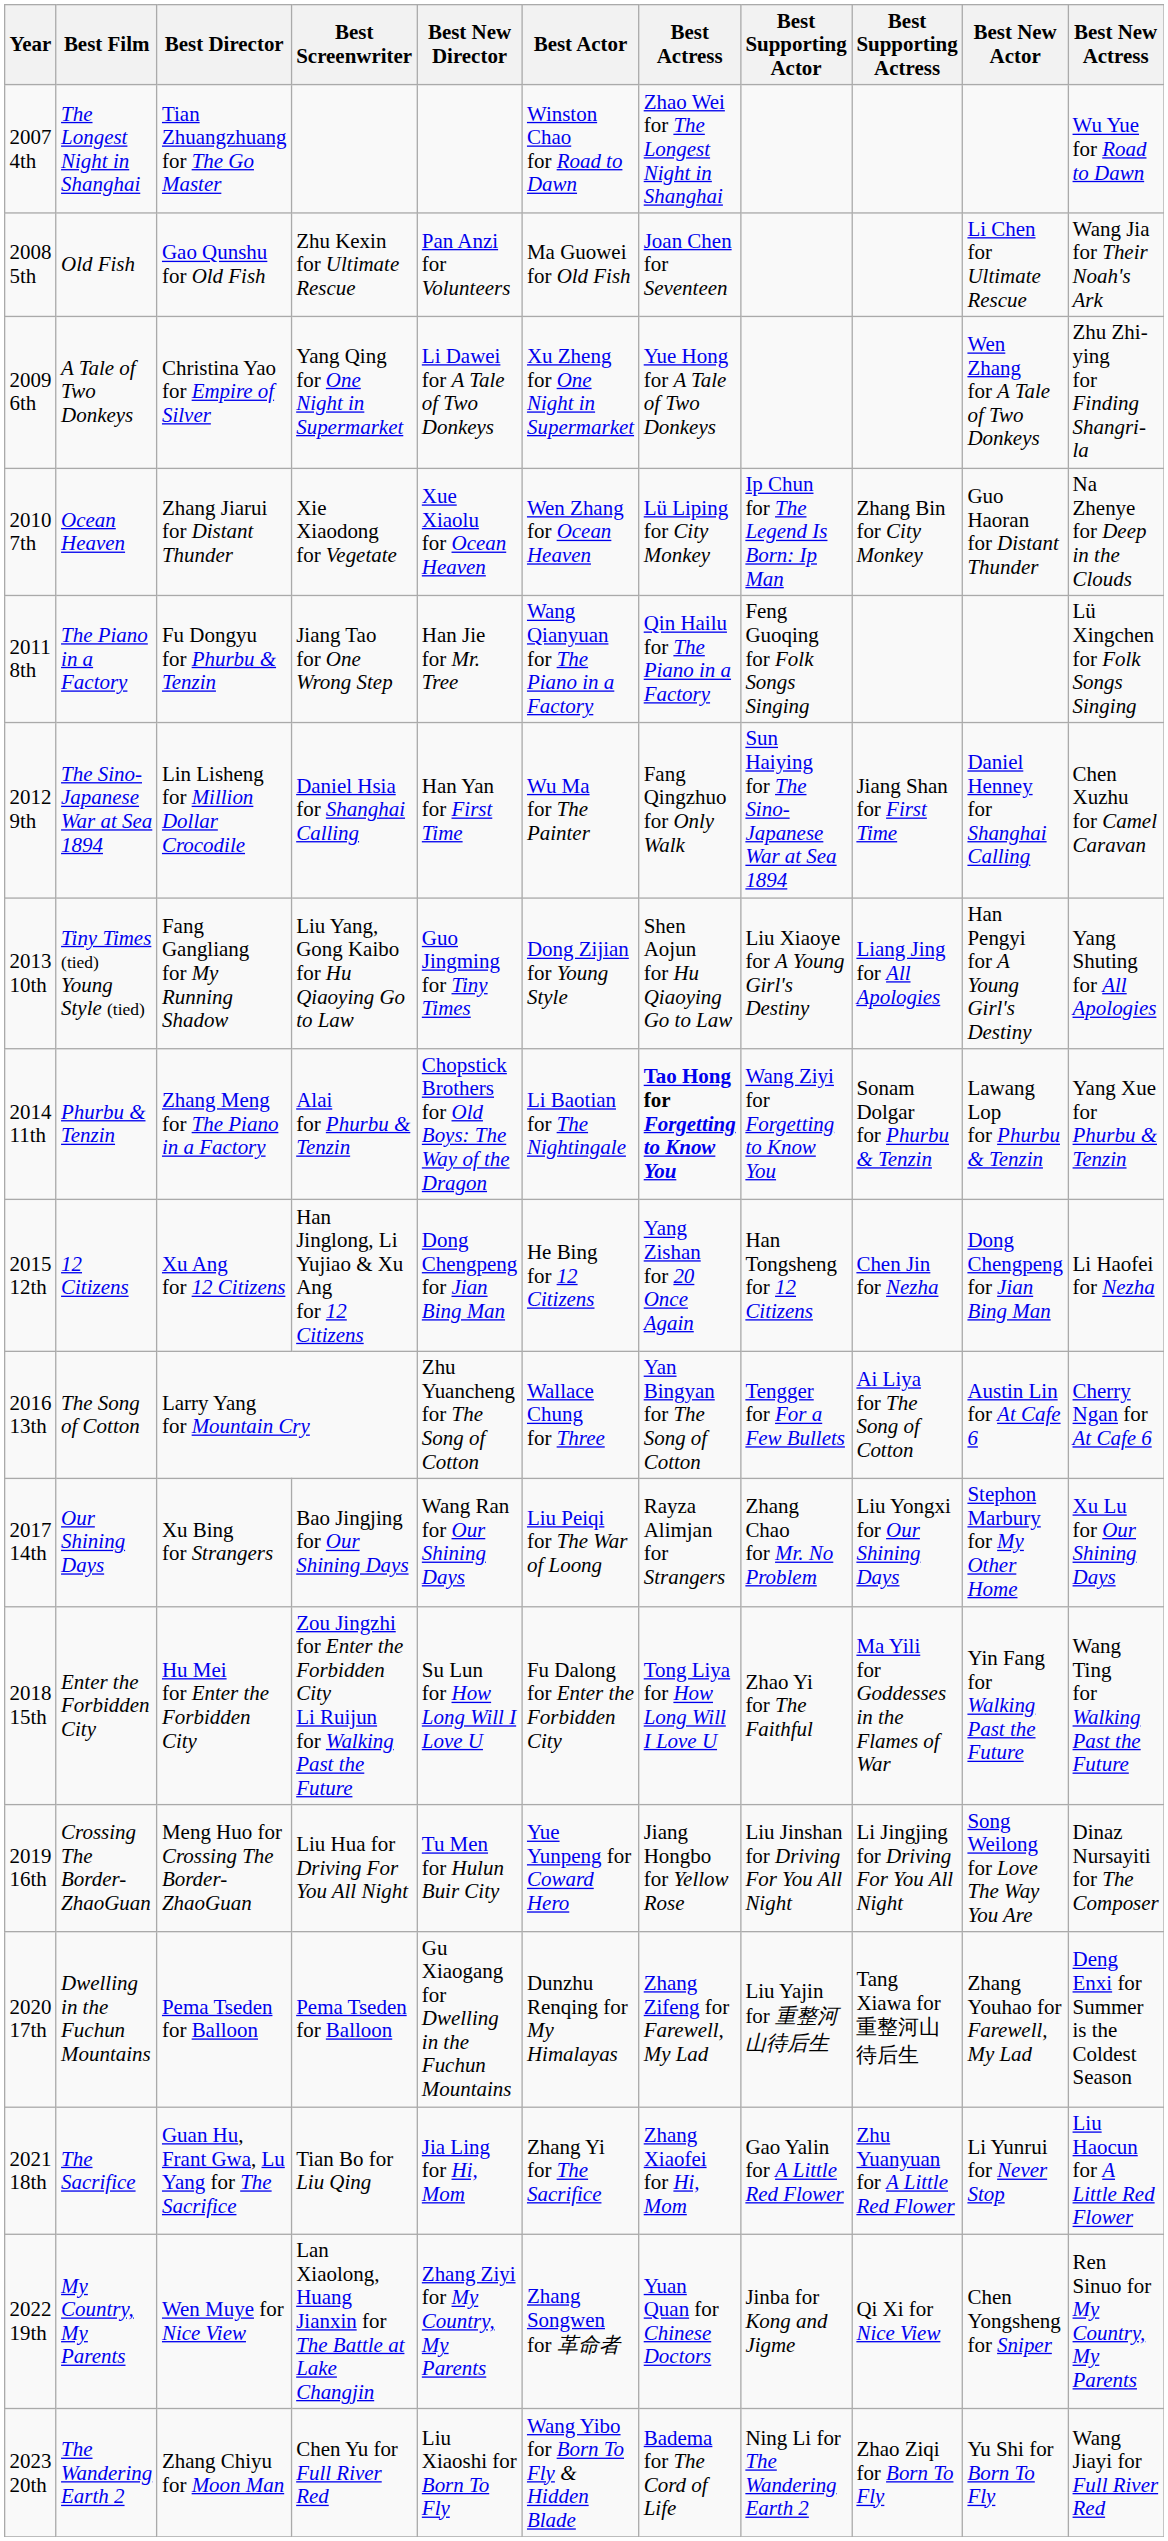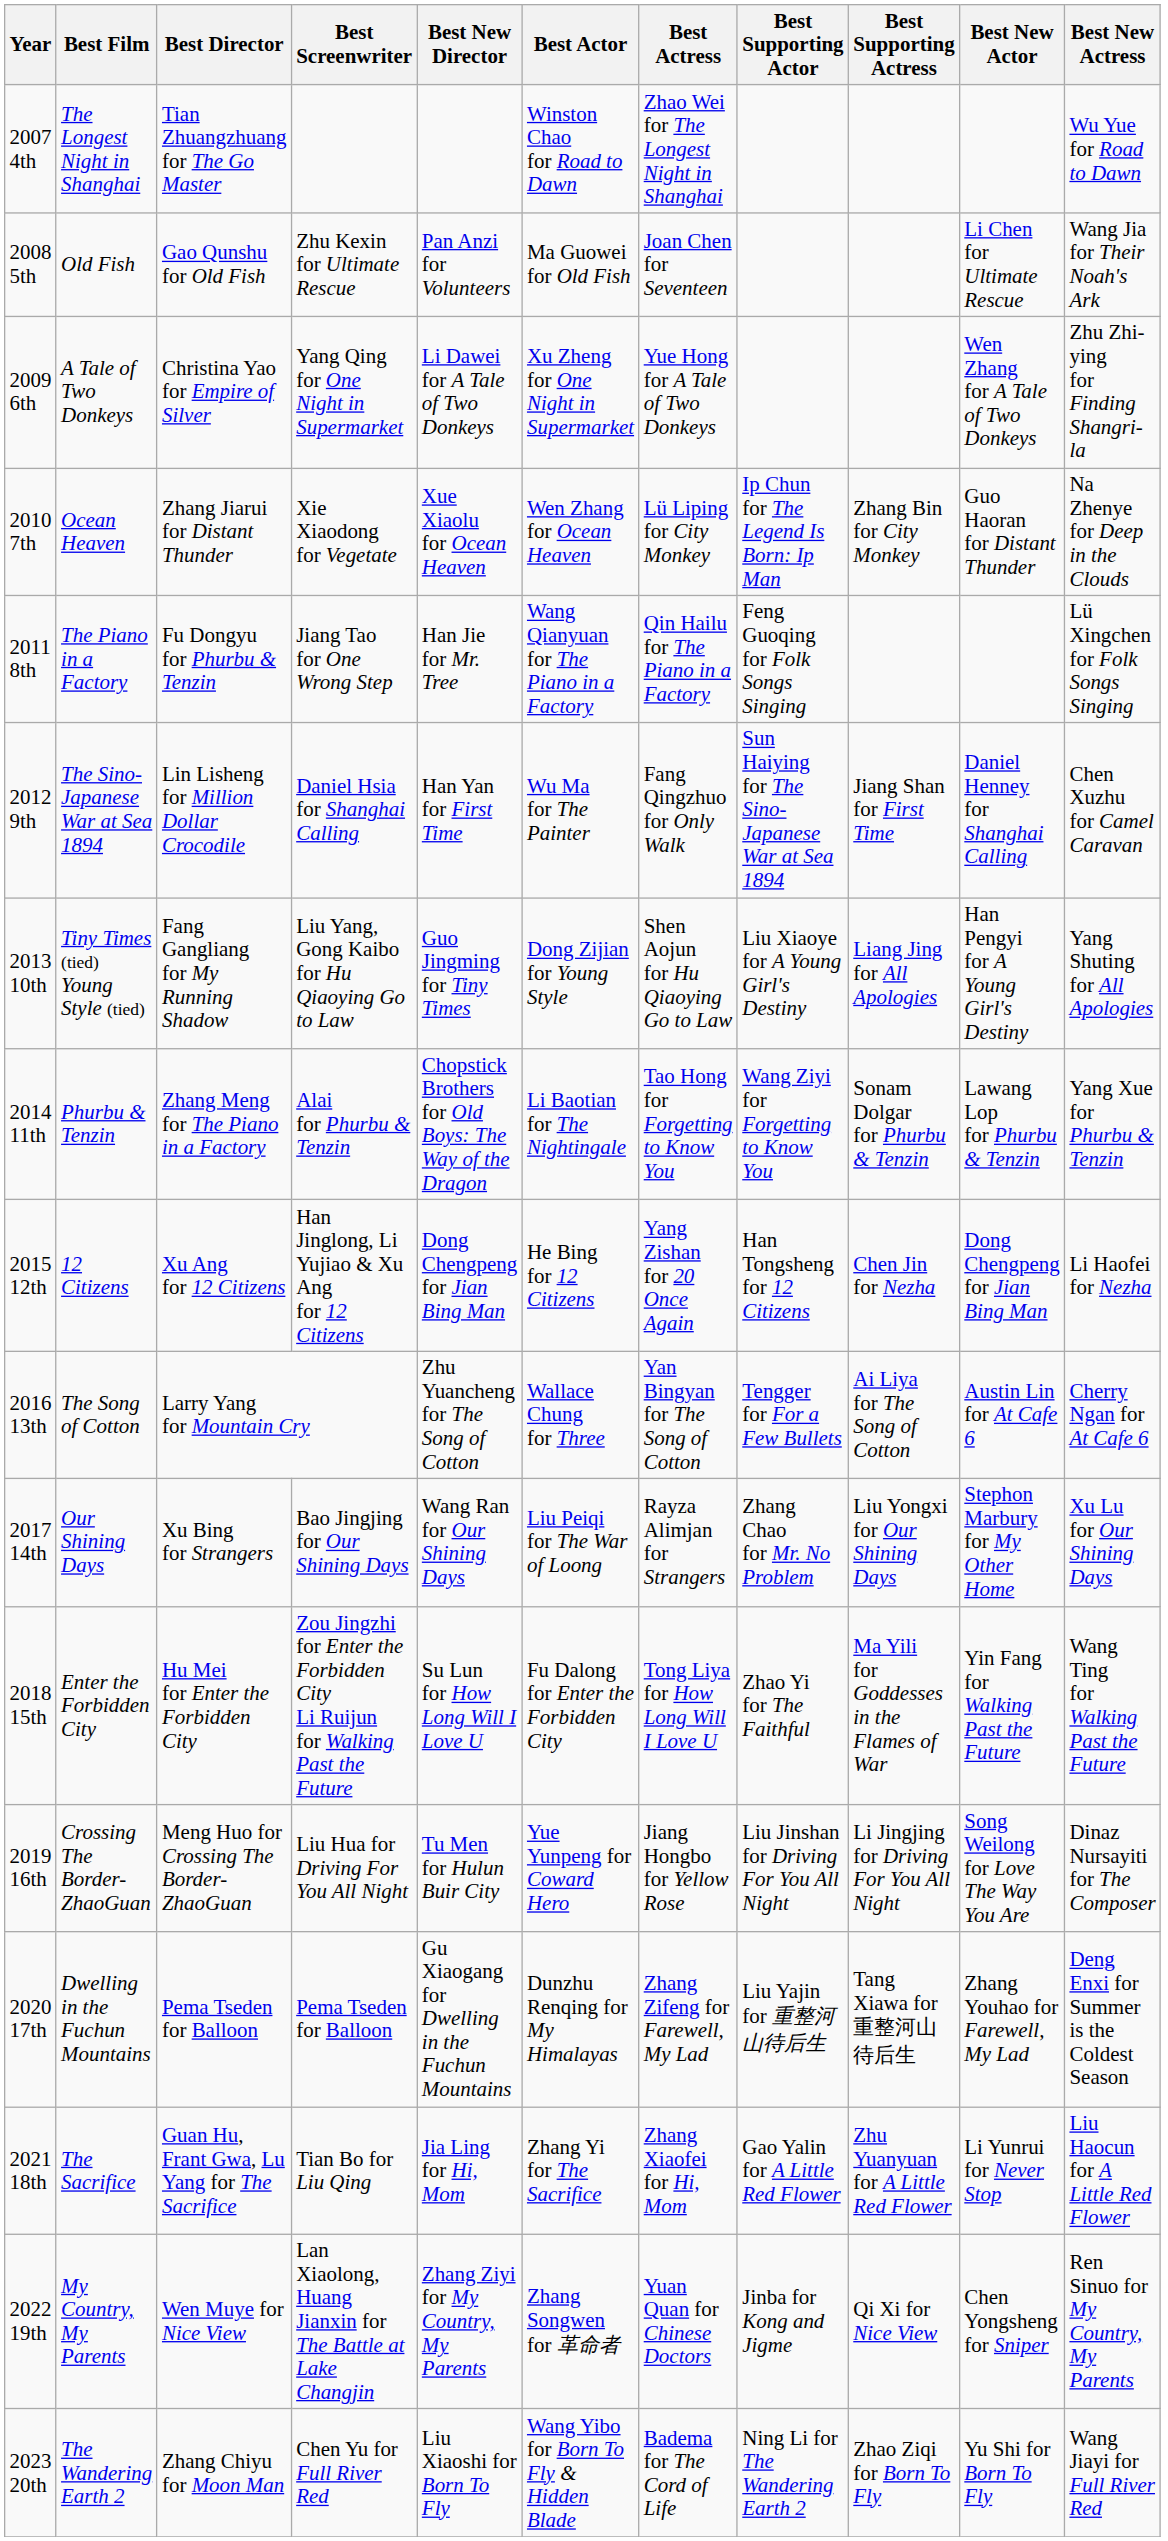 <table border="2"cellpadding="3"cellspacing="0"style="border-collapse:collapse;margin:0auto;" class="wikitable">
 <tr>
 <th>Year</th>
 <th>Best Film</th>
 <th>Best Director</th>
 <th>Best Screenwriter</th>
 <th>Best New Director</th>
 <th>Best Actor</th>
 <th>Best Actress</th>
 <th>Best Supporting Actor</th>
 <th>Best Supporting Actress</th>
 <th>Best New Actor</th>
 <th>Best New Actress</th>
 </tr>
 <tr>
 <td>2007<br>4th</td>
 <td><em><a href='#'>The Longest Night in Shanghai</a></em></td>
 <td><a href='#'>Tian Zhuangzhuang</a><br>for <em><a href='#'>The Go Master</a></em></td>
 <td></td>
 <td></td>
 <td><a href='#'>Winston Chao</a><br>for <em><a href='#'>Road to Dawn</a></em></td>
 <td><a href='#'>Zhao Wei</a><br>for <em><a href='#'>The Longest Night in Shanghai</a></em></td>
 <td></td>
 <td></td>
 <td></td>
 <td><a href='#'>Wu Yue</a><br>for <em><a href='#'>Road to Dawn</a></em></td>
 </tr>
 <tr>
 <td>2008<br>5th</td>
 <td><em>Old Fish</em></td>
 <td><a href='#'>Gao Qunshu</a><br>for <em>Old Fish</em></td>
 <td>Zhu Kexin<br>for <em>Ultimate Rescue</em></td>
 <td><a href='#'>Pan Anzi</a><br>for <em>Volunteers</em></td>
 <td>Ma Guowei<br>for <em>Old Fish</em></td>
 <td><a href='#'>Joan Chen</a><br>for <em>Seventeen</em></td>
 <td></td>
 <td></td>
 <td><a href='#'>Li Chen</a><br>for <em>Ultimate Rescue</em></td>
 <td>Wang Jia<br>for <em>Their Noah's Ark</em></td>
 </tr>
 <tr>
 <td>2009<br>6th</td>
 <td><em>A Tale of Two Donkeys</em></td>
 <td>Christina Yao<br>for <em><a href='#'>Empire of Silver</a></em></td>
 <td>Yang Qing<br>for <em><a href='#'>One Night in Supermarket</a></em></td>
 <td><a href='#'>Li Dawei</a><br>for <em>A Tale of Two Donkeys</em></td>
 <td><a href='#'>Xu Zheng</a><br>for <em><a href='#'>One Night in Supermarket</a></em></td>
 <td><a href='#'>Yue Hong</a><br>for <em>A Tale of Two Donkeys</em></td>
 <td></td>
 <td></td>
 <td><a href='#'>Wen Zhang</a><br>for <em>A Tale of Two Donkeys</em></td>
 <td>Zhu Zhi-ying<br>for <em>Finding Shangri-la</em></td>
 </tr>
 <tr>
 <td>2010<br>7th</td>
 <td><em><a href='#'>Ocean Heaven</a></em></td>
 <td>Zhang Jiarui<br>for <em>Distant Thunder</em></td>
 <td>Xie Xiaodong<br>for <em>Vegetate</em></td>
 <td><a href='#'>Xue Xiaolu</a><br>for <em><a href='#'>Ocean Heaven</a></em></td>
 <td><a href='#'>Wen Zhang</a><br>for <em><a href='#'>Ocean Heaven</a></em></td>
 <td><a href='#'>Lü Liping</a><br>for <em>City Monkey</em></td>
 <td><a href='#'>Ip Chun</a><br>for <em><a href='#'>The Legend Is Born: Ip Man</a></em></td>
 <td>Zhang Bin<br>for <em>City Monkey</em></td>
 <td>Guo Haoran<br>for <em>Distant Thunder</em></td>
 <td>Na Zhenye<br>for <em>Deep in the Clouds</em></td>
 </tr>
 <tr>
 <td>2011<br>8th</td>
 <td><em><a href='#'>The Piano in a Factory</a></em></td>
 <td>Fu Dongyu<br>for <em><a href='#'>Phurbu & Tenzin</a></em></td>
 <td>Jiang Tao<br>for <em>One Wrong Step</em></td>
 <td>Han Jie<br>for <em>Mr. Tree</em></td>
 <td><a href='#'>Wang Qianyuan</a><br>for <em><a href='#'>The Piano in a Factory</a></em></td>
 <td><a href='#'>Qin Hailu</a><br>for <em><a href='#'>The Piano in a Factory</a></em></td>
 <td>Feng Guoqing<br>for <em>Folk Songs Singing</em></td>
 <td></td>
 <td></td>
 <td>Lü Xingchen<br>for <em>Folk Songs Singing</em></td>
 </tr>
 <tr>
 <td>2012<br>9th</td>
 <td><em><a href='#'>The Sino-Japanese War at Sea 1894</a></em></td>
 <td>Lin Lisheng<br>for <em><a href='#'>Million Dollar Crocodile</a></em></td>
 <td><a href='#'>Daniel Hsia</a><br>for <em><a href='#'>Shanghai Calling</a></em></td>
 <td>Han Yan<br>for <em><a href='#'>First Time</a></em></td>
 <td><a href='#'>Wu Ma</a><br>for <em>The Painter</em></td>
 <td>Fang Qingzhuo<br>for <em>Only Walk</em></td>
 <td><a href='#'>Sun Haiying</a><br>for <em><a href='#'>The Sino-Japanese War at Sea 1894</a></em></td>
 <td>Jiang Shan<br>for <em><a href='#'>First Time</a></em></td>
 <td><a href='#'>Daniel Henney</a><br>for <em><a href='#'>Shanghai Calling</a></em></td>
 <td>Chen Xuzhu<br>for <em>Camel Caravan</em></td>
 </tr>
 <tr>
 <td>2013<br>10th</td>
 <td><em><a href='#'>Tiny Times</a></em> <small>(tied)</small><br><em>Young Style</em> <small>(tied)</small></td>
 <td>Fang Gangliang<br>for <em>My Running Shadow</em></td>
 <td>Liu Yang, Gong Kaibo for <em>Hu Qiaoying Go to Law</em></td>
 <td><a href='#'>Guo Jingming</a><br>for <em><a href='#'>Tiny Times</a></em></td>
 <td><a href='#'>Dong Zijian</a><br>for <em>Young Style</em></td>
 <td>Shen Aojun<br>for <em>Hu Qiaoying Go to Law</em></td>
 <td>Liu Xiaoye<br>for <em>A Young Girl's Destiny</em></td>
 <td><a href='#'>Liang Jing</a><br>for <em><a href='#'>All Apologies</a></em></td>
 <td>Han Pengyi<br>for <em>A Young Girl's Destiny</em></td>
 <td>Yang Shuting<br>for <em><a href='#'>All Apologies</a></em></td>
 </tr>
 <tr>
 <td>2014<br>11th</td>
 <td><em><a href='#'>Phurbu & Tenzin</a></em></td>
 <td><a href='#'>Zhang Meng</a><br>for <em><a href='#'>The Piano in a Factory</a></em></td>
 <td><a href='#'>Alai</a><br>for <em><a href='#'>Phurbu & Tenzin</a></em></td>
 <td><a href='#'>Chopstick Brothers</a><br>for <em><a href='#'>Old Boys: The Way of the Dragon</a></em></td>
 <td><a href='#'>Li Baotian</a><br>for <em><a href='#'>The Nightingale</a></em></td>
-<td><strong><a href='#'>Tao Hong</a><br>for <em><a href='#'>Forgetting to Know You</a></em></strong></td>
+<td><a href='#'>Tao Hong</a><br>for <em><a href='#'>Forgetting to Know You</a></em></td>
 <td><a href='#'>Wang Ziyi</a><br>for <em><a href='#'>Forgetting to Know You</a></em></td>
 <td>Sonam Dolgar<br>for <em><a href='#'>Phurbu & Tenzin</a></em></td>
 <td>Lawang Lop<br> for <em><a href='#'>Phurbu & Tenzin</a></em></td>
 <td>Yang Xue<br> for <em><a href='#'>Phurbu & Tenzin</a></em></td>
 </tr>
 <tr>
 <td>2015<br>12th</td>
 <td><em><a href='#'>12 Citizens</a></em></td>
 <td><a href='#'>Xu Ang</a><br>for <em><a href='#'>12 Citizens</a></em></td>
 <td>Han Jinglong, Li Yujiao & Xu Ang<br>for <em><a href='#'>12 Citizens</a></em></td>
 <td><a href='#'>Dong Chengpeng</a><br> for <em><a href='#'>Jian Bing Man</a></em></td>
 <td>He Bing<br>for <em><a href='#'>12 Citizens</a></em></td>
 <td><a href='#'>Yang Zishan</a><br>for <em><a href='#'>20 Once Again</a></em></td>
 <td>Han Tongsheng<br>for <em><a href='#'>12 Citizens</a></em></td>
 <td><a href='#'>Chen Jin</a><br>for <em><a href='#'>Nezha</a></em></td>
 <td><a href='#'>Dong Chengpeng</a><br>for <em><a href='#'>Jian Bing Man</a></em></td>
 <td>Li Haofei<br>for <em><a href='#'>Nezha</a></em></td>
 </tr>
 <tr>
 <td>2016<br>13th</td>
 <td><em>The Song of Cotton</em></td>
 <td colspan=2>Larry Yang<br>for <em><a href='#'>Mountain Cry</a></em></td>
 <td>Zhu Yuancheng<br>for <em>The Song of Cotton</em></td>
 <td><a href='#'>Wallace Chung</a><br>for <em><a href='#'>Three</a></em></td>
 <td><a href='#'>Yan Bingyan</a><br>for <em>The Song of Cotton</em></td>
 <td><a href='#'>Tengger</a><br>for <em><a href='#'>For a Few Bullets</a></em></td>
 <td><a href='#'>Ai Liya</a><br>for <em>The Song of Cotton</em></td>
 <td><a href='#'>Austin Lin</a><br> for <em><a href='#'>At Cafe 6</a></em></td>
 <td><a href='#'>Cherry Ngan</a> for <em><a href='#'>At Cafe 6</a></em></td>
 </tr>
 <tr>
 <td>2017<br>14th</td>
 <td><em><a href='#'>Our Shining Days</a></em></td>
 <td>Xu Bing<br>for <em>Strangers</em></td>
 <td>Bao Jingjing<br>for <em><a href='#'>Our Shining Days</a></em></td>
 <td>Wang Ran<br> for <em><a href='#'>Our Shining Days</a></em></td>
 <td><a href='#'>Liu Peiqi</a><br>for <em>The War of Loong</em></td>
 <td>Rayza Alimjan<br>for <em>Strangers</em></td>
 <td>Zhang Chao<br>for <em><a href='#'>Mr. No Problem</a></em></td>
 <td>Liu Yongxi<br>for <em><a href='#'>Our Shining Days</a></em></td>
 <td><a href='#'>Stephon Marbury</a> for <em><a href='#'>My Other Home</a></em></td>
 <td><a href='#'>Xu Lu</a><br>for <em><a href='#'>Our Shining Days</a></em></td>
 </tr>
 <tr>
 <td>2018<br>15th</td>
 <td><em>Enter the Forbidden City</em></td>
 <td><a href='#'>Hu Mei</a><br>for <em>Enter the Forbidden City</em></td>
 <td><a href='#'>Zou Jingzhi</a><br>for <em>Enter the Forbidden City</em><br><a href='#'>Li Ruijun</a><br>for <em><a href='#'>Walking Past the Future</a></em></td>
 <td>Su Lun<br>for <em><a href='#'>How Long Will I Love U</a></em></td>
 <td>Fu Dalong<br>for <em>Enter the Forbidden City</em></td>
 <td><a href='#'>Tong Liya</a><br>for <em><a href='#'>How Long Will I Love U</a></em></td>
 <td>Zhao Yi<br>for <em>The Faithful</em></td>
 <td><a href='#'>Ma Yili</a><br>for <em>Goddesses in the Flames of War</em></td>
 <td>Yin Fang<br>for <em><a href='#'>Walking Past the Future</a></em></td>
 <td>Wang Ting<br>for <em><a href='#'>Walking Past the Future</a></em></td>
 </tr>
 <tr>
 <td>2019 16th</td>
 <td><em>Crossing The Border-ZhaoGuan</em></td>
 <td>Meng Huo for <em>Crossing The Border-ZhaoGuan</em></td>
 <td>Liu Hua for <em>Driving For You All Night</em></td>
 <td><a href='#'>Tu Men</a> for <em>Hulun Buir City</em></td>
 <td><a href='#'>Yue Yunpeng</a> for <em><a href='#'>Coward Hero</a></em></td>
 <td>Jiang Hongbo for <em>Yellow Rose</em></td>
 <td>Liu Jinshan for <em>Driving For You All Night</em></td>
 <td>Li Jingjing for <em>Driving For You All Night</em></td>
 <td><a href='#'>Song Weilong</a> for <em>Love The Way You Are</em></td>
 <td>Dinaz Nursayiti for <em>The Composer</em></td>
 </tr>
 <tr>
 <td>2020 17th</td>
 <td><em>Dwelling in the Fuchun Mountains</em></td>
 <td><a href='#'>Pema Tseden</a> for <a href='#'>Balloon</a></td>
 <td><a href='#'>Pema Tseden</a> for <a href='#'>Balloon</a></td>
 <td>Gu Xiaogang for <em>Dwelling in the Fuchun Mountains</em></td>
 <td>Dunzhu Renqing for <em>My Himalayas</em></td>
 <td><a href='#'>Zhang Zifeng</a> for <em>Farewell, My Lad</em></td>
 <td>Liu Yajin for <em>重整河山待后生</em></td>
 <td>Tang Xiawa for 重整河山待后生</td>
 <td>Zhang Youhao for <em>Farewell, My Lad</em></td>
 <td><a href='#'>Deng Enxi</a> for Summer is the Coldest Season</td>
 </tr>
 <tr>
 <td>2021 18th</td>
 <td><a href='#'><em>The Sacrifice</em></a></td>
 <td><a href='#'>Guan Hu</a>, <a href='#'>Frant Gwa</a>, <a href='#'>Lu Yang</a> for <a href='#'><em>The Sacrifice</em></a></td>
 <td>Tian Bo for <em>Liu Qing</em></td>
 <td><a href='#'>Jia Ling</a> for <em><a href='#'>Hi, Mom</a></em></td>
 <td>Zhang Yi for <a href='#'><em>The Sacrifice</em></a></td>
 <td><a href='#'>Zhang Xiaofei</a> for <em><a href='#'>Hi, Mom</a></em></td>
 <td>Gao Yalin for <em><a href='#'>A Little Red Flower</a></em></td>
 <td><a href='#'>Zhu Yuanyuan</a> for <em><a href='#'>A Little Red Flower</a></em></td>
 <td>Li Yunrui for <em><a href='#'>Never Stop</a></em></td>
 <td><a href='#'>Liu Haocun</a> for <em><a href='#'>A Little Red Flower</a></em></td>
 </tr>
 <tr>
 <td>2022 19th</td>
 <td><em><a href='#'>My Country, My Parents</a></em></td>
 <td><a href='#'>Wen Muye</a> for <em><a href='#'>Nice View</a></em></td>
 <td>Lan Xiaolong, <a href='#'>Huang Jianxin</a> for <em><a href='#'>The Battle at Lake Changjin</a></em></td>
 <td><a href='#'>Zhang Ziyi</a> for <em><a href='#'>My Country, My Parents</a></em></td>
 <td><a href='#'>Zhang Songwen</a> for <em>革命者</em></td>
 <td><a href='#'>Yuan Quan</a> for <em><a href='#'>Chinese Doctors</a></em></td>
 <td>Jinba for <em>Kong and Jigme</em></td>
 <td>Qi Xi for <em><a href='#'>Nice View</a></em></td>
 <td>Chen Yongsheng for <em><a href='#'>Sniper</a></em></td>
 <td>Ren Sinuo for <em><a href='#'>My Country, My Parents</a></em></td>
 </tr>
 <tr>
 <td>2023 20th</td>
 <td><em><a href='#'>The Wandering Earth 2</a></em></td>
 <td>Zhang Chiyu for <em><a href='#'>Moon Man</a></em></td>
 <td>Chen Yu for <em><a href='#'>Full River Red</a></em></td>
 <td>Liu Xiaoshi for <em><a href='#'>Born To Fly</a></em></td>
 <td><a href='#'>Wang Yibo</a> for <em><a href='#'>Born To Fly</a> & <a href='#'>Hidden Blade</a></em></td>
 <td><a href='#'>Badema</a> for <em>The Cord of Life</em></td>
 <td>Ning Li for <em><a href='#'>The Wandering Earth 2</a></em></td>
 <td>Zhao Ziqi for <em><a href='#'>Born To Fly</a></em></td>
 <td>Yu Shi for <em><a href='#'>Born To Fly</a></em></td>
 <td>Wang Jiayi for <em><a href='#'>Full River Red</a></em></td>
 </tr>
 </table>
